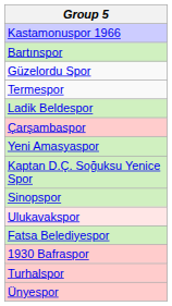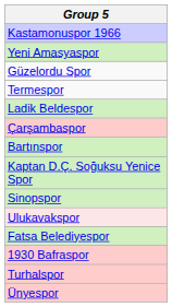 <table class="wikitable collapsible collapsed" style="font-size:95%;">
 <tr>
 <th colspan="1" width="200"><em>Group 5</em></th>
 </tr>
 <tr>
 <td style="background:#ccccff;"><a href='#'>Kastamonuspor 1966</a></td>
 </tr>
 <tr>
-<td style="background:#D0F0C0;"><a href='#'>Bartınspor</a></td>
+<td style="background:#D0F0C0;"><a href='#'>Yeni Amasyaspor</a></td>
 </tr>
 <tr>
 <td><a href='#'>Güzelordu Spor</a></td>
 </tr>
 <tr>
 <td><a href='#'>Termespor</a></td>
 </tr>
 <tr>
 <td style="background:#D0F0C0;"><a href='#'>Ladik Beldespor</a></td>
 </tr>
 <tr>
 <td style="background:#fcc;"><a href='#'>Çarşambaspor</a></td>
 </tr>
 <tr>
-<td style="background:#D0F0C0;"><a href='#'>Yeni Amasyaspor</a></td>
+<td style="background:#D0F0C0;"><a href='#'>Bartınspor</a></td>
 </tr>
 <tr>
 <td style="background:#D0F0C0;"><a href='#'>Kaptan D.Ç. Soğuksu Yenice Spor</a></td>
 </tr>
 <tr>
 <td style="background:#D0F0C0;"><a href='#'>Sinopspor</a></td>
 </tr>
 <tr>
 <td style="background:#FFE6E6;"><a href='#'>Ulukavakspor</a></td>
 </tr>
 <tr>
 <td style="background:#D0F0C0;"><a href='#'>Fatsa Belediyespor</a></td>
 </tr>
 <tr>
 <td style="background:#fcc;"><a href='#'>1930 Bafraspor</a></td>
 </tr>
 <tr>
 <td style="background:#fcc;"><a href='#'>Turhalspor</a></td>
 </tr>
 <tr>
 <td style="background:#fcc;"><a href='#'>Ünyespor</a></td>
 </tr>
 </table>
